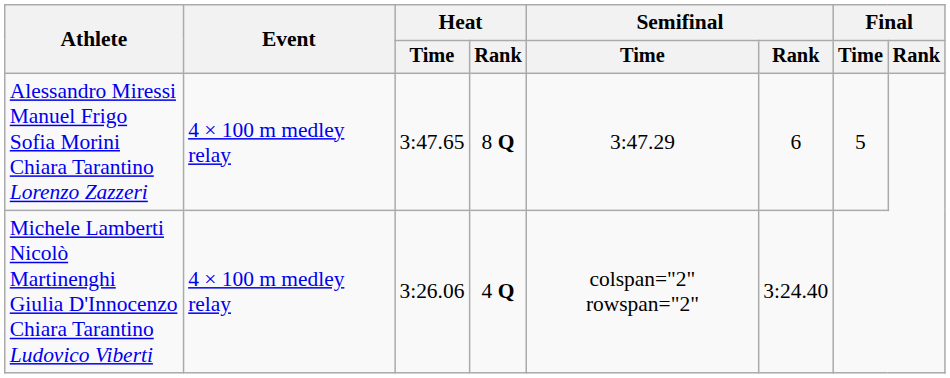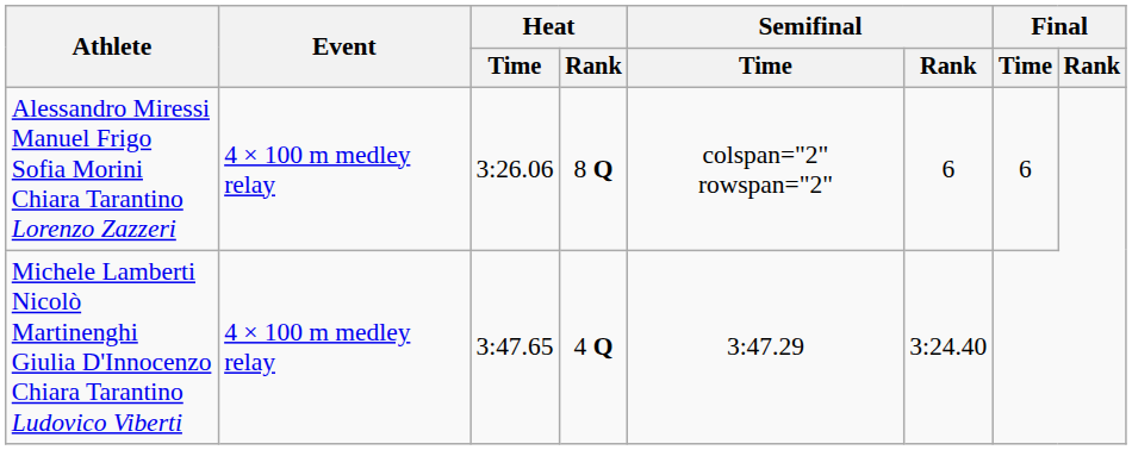 <table class="wikitable" style="text-align:center; font-size:90%; width:50%;">
 <tr>
 <th rowspan="2">Athlete</th>
 <th rowspan="2">Event</th>
 <th colspan="2">Heat</th>
 <th colspan="2">Semifinal</th>
 <th colspan="2">Final</th>
 </tr>
 <tr style="font-size:95%">
 <th>Time</th>
 <th>Rank</th>
 <th>Time</th>
 <th>Rank</th>
 <th>Time</th>
 <th>Rank</th>
 </tr>
 <tr align=center>
 <td align=left><a href='#'>Alessandro Miressi</a> <br><a href='#'>Manuel Frigo</a> <br><a href='#'>Sofia Morini</a> <br><a href='#'>Chiara Tarantino</a><br><em><a href='#'>Lorenzo Zazzeri</a></em></td>
 <td align=left><a href='#'>4 × 100 m medley relay</a></td>
-<td>3:47.65</td>
+<td>3:26.06</td>
 <td>8 <strong>Q</strong></td>
-<td>3:47.29</td>
+<td>colspan="2" rowspan="2" </td>
 <td>6</td>
-<td>5</td>
+<td>6</td>
 </tr>
 <tr align=center>
 <td align=left><a href='#'>Michele Lamberti</a><br><a href='#'>Nicolò Martinenghi</a> <br><a href='#'>Giulia D'Innocenzo</a><br><a href='#'>Chiara Tarantino</a><br><em><a href='#'>Ludovico Viberti</a></em></td>
 <td align=left><a href='#'>4 × 100 m medley relay</a></td>
-<td>3:26.06</td>
+<td>3:47.65</td>
 <td>4 <strong>Q</strong></td>
-<td>colspan="2" rowspan="2" </td>
+<td>3:47.29</td>
 <td>3:24.40</td>
 </tr>
 </table>
